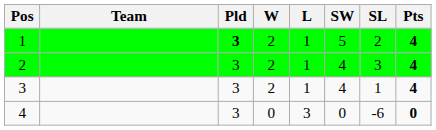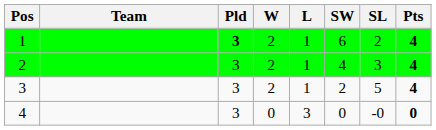 <table class="wikitable" style="text-align: center;">
 <tr>
 <th width="30">Pos</th>
 <th width="180">Team</th>
 <th width="30">Pld</th>
 <th width="30">W</th>
 <th width="30">L</th>
 <th width="30">SW</th>
 <th width="30">SL</th>
 <th width="30">Pts</th>
 </tr>
 <tr bgcolor=#00FF00>
 <td>1</td>
 <td align="left"></td>
 <td><strong>3</strong></td>
 <td>2</td>
 <td>1</td>
-<td>5</td>
+<td>6</td>
 <td>2</td>
 <td><strong>4</strong></td>
 </tr>
 <tr bgcolor=#00FF00>
 <td>2</td>
 <td align="left"></td>
 <td>3</td>
 <td>2</td>
 <td>1</td>
 <td>4</td>
 <td>3</td>
 <td><strong>4</strong></td>
 </tr>
 <tr>
 <td>3</td>
 <td align="left"></td>
 <td>3</td>
 <td>2</td>
 <td>1</td>
-<td>4</td>
-<td>1</td>
+<td>2</td>
+<td>5</td>
 <td><strong>4</strong></td>
 </tr>
 <tr>
 <td>4</td>
 <td align="left"></td>
 <td>3</td>
 <td>0</td>
 <td>3</td>
 <td>0</td>
-<td>-6</td>
+<td>-0</td>
 <td><strong>0</strong></td>
 </tr>
 </table>
